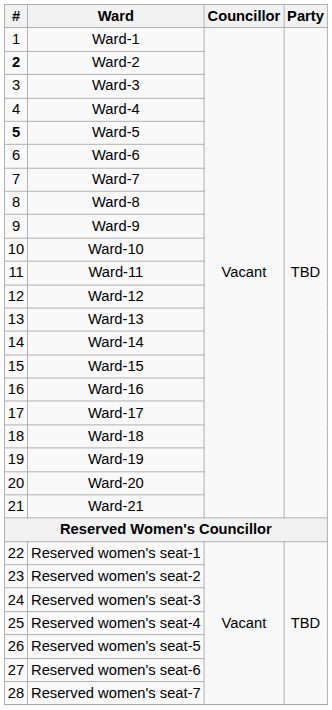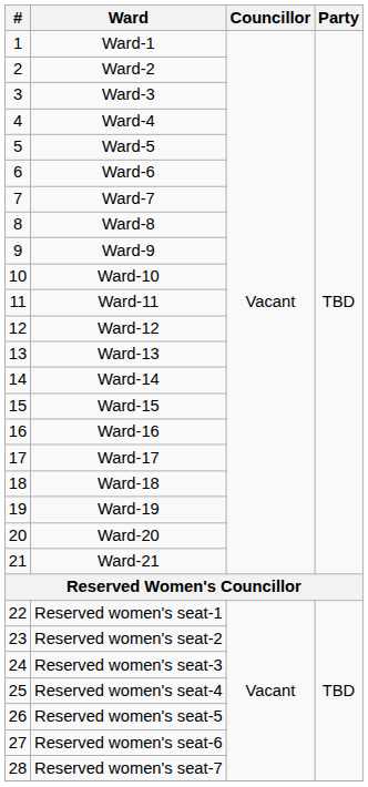 <table class="wikitable sortable" style="text-align:center;">
 <tr>
 <th>#</th>
 <th>Ward</th>
 <th>Councillor</th>
 <th colspan="2">Party</th>
 </tr>
 <tr>
 <td>1</td>
 <td>Ward-1</td>
 <td rowspan="21">Vacant</td>
 <td colspan="2" rowspan="21" bgcolor="">TBD</td>
 </tr>
 <tr>
-<td><strong>2</strong></td>
+<td>2</td>
 <td>Ward-2</td>
 </tr>
 <tr>
 <td>3</td>
 <td>Ward-3</td>
 </tr>
 <tr>
 <td>4</td>
 <td>Ward-4</td>
 </tr>
 <tr>
-<td><strong>5</strong></td>
+<td>5</td>
 <td>Ward-5</td>
 </tr>
 <tr>
 <td>6</td>
 <td>Ward-6</td>
 </tr>
 <tr>
 <td>7</td>
 <td>Ward-7</td>
 </tr>
 <tr>
 <td>8</td>
 <td>Ward-8</td>
 </tr>
 <tr>
 <td>9</td>
 <td>Ward-9</td>
 </tr>
 <tr>
 <td>10</td>
 <td>Ward-10</td>
 </tr>
 <tr>
 <td>11</td>
 <td>Ward-11</td>
 </tr>
 <tr>
 <td>12</td>
 <td>Ward-12</td>
 </tr>
 <tr>
 <td>13</td>
 <td>Ward-13</td>
 </tr>
 <tr>
 <td>14</td>
 <td>Ward-14</td>
 </tr>
 <tr>
 <td>15</td>
 <td>Ward-15</td>
 </tr>
 <tr>
 <td>16</td>
 <td>Ward-16</td>
 </tr>
 <tr>
 <td>17</td>
 <td>Ward-17</td>
 </tr>
 <tr>
 <td>18</td>
 <td>Ward-18</td>
 </tr>
 <tr>
 <td>19</td>
 <td>Ward-19</td>
 </tr>
 <tr>
 <td>20</td>
 <td>Ward-20</td>
 </tr>
 <tr>
 <td>21</td>
 <td>Ward-21</td>
 </tr>
 <tr>
 <th colspan="5"><strong>Reserved Women's Councillor</strong></th>
 </tr>
 <tr>
 <td>22</td>
 <td>Reserved women's seat-1</td>
 <td rowspan="7">Vacant</td>
 <td colspan="2" rowspan="7" bgcolor="">TBD</td>
 </tr>
 <tr>
 <td>23</td>
 <td>Reserved women's seat-2</td>
 </tr>
 <tr>
 <td>24</td>
 <td>Reserved women's seat-3</td>
 </tr>
 <tr>
 <td>25</td>
 <td>Reserved women's seat-4</td>
 </tr>
 <tr>
 <td>26</td>
 <td>Reserved women's seat-5</td>
 </tr>
 <tr>
 <td>27</td>
 <td>Reserved women's seat-6</td>
 </tr>
 <tr>
 <td>28</td>
 <td>Reserved women's seat-7</td>
 </tr>
 <tr>
 </tr>
 </table>
